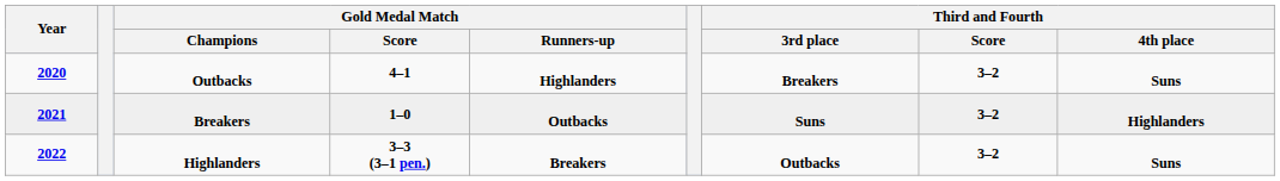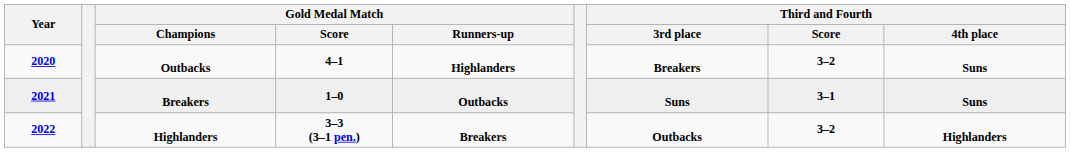 <table class="wikitable" style="font-size:90%; width: 100%; text-align: center;">
 <tr bgcolor=#c1d8ff>
 <th rowspan=2 width=6%>Year</th>
 <th width=1% rowspan=20 bgcolor=ffffff></th>
 <th colspan=3>Gold Medal Match</th>
 <th width=1% rowspan=20 bgcolor=ffffff></th>
 <th colspan=3>Third and Fourth</th>
 </tr>
 <tr bgcolor=#efefef>
 <th width=14%>Champions</th>
 <th width=9%>Score</th>
 <th width=14%>Runners-up</th>
 <th width=14%>3rd place</th>
 <th width=9%>Score</th>
 <th width=14%>4th place</th>
 </tr>
 <tr>
 <td><strong><a href='#'>2020</a></strong></td>
 <td><br><strong>Outbacks</strong></td>
 <td><strong>4–1</strong></td>
 <td><br><strong>Highlanders</strong></td>
 <td><br><strong>Breakers</strong></td>
 <td><strong>3–2</strong></td>
 <td><br><strong>Suns</strong></td>
 </tr>
 <tr bgcolor=#efefef>
 <td><strong><a href='#'>2021</a></strong></td>
 <td><br><strong>Breakers</strong></td>
 <td><strong>1–0</strong></td>
 <td><br><strong>Outbacks</strong></td>
 <td><br><strong>Suns</strong></td>
-<td><strong>3–2</strong></td>
-<td><br><strong>Highlanders</strong></td>
+<td><strong>3–1</strong></td>
+<td><br><strong>Suns</strong></td>
 </tr>
 <tr>
 <td><strong><a href='#'>2022</a></strong></td>
 <td><br><strong>Highlanders</strong></td>
 <td><strong>3–3</strong><br><strong>(3–1 <a href='#'>pen.</a>)</strong></td>
 <td><br><strong>Breakers</strong></td>
 <td><br><strong>Outbacks</strong></td>
 <td><strong>3–2</strong></td>
-<td><br><strong>Suns</strong></td>
+<td><br><strong>Highlanders</strong></td>
 </tr>
 </table>
